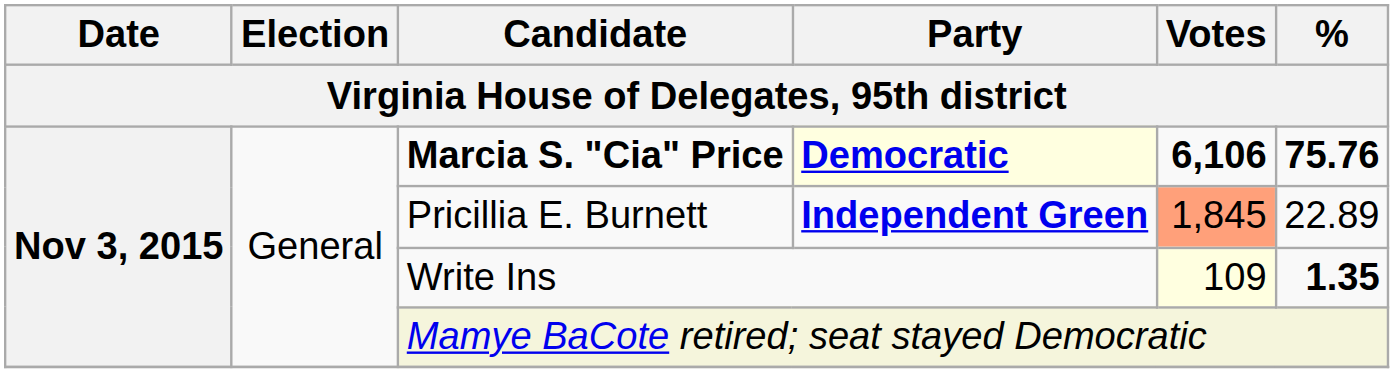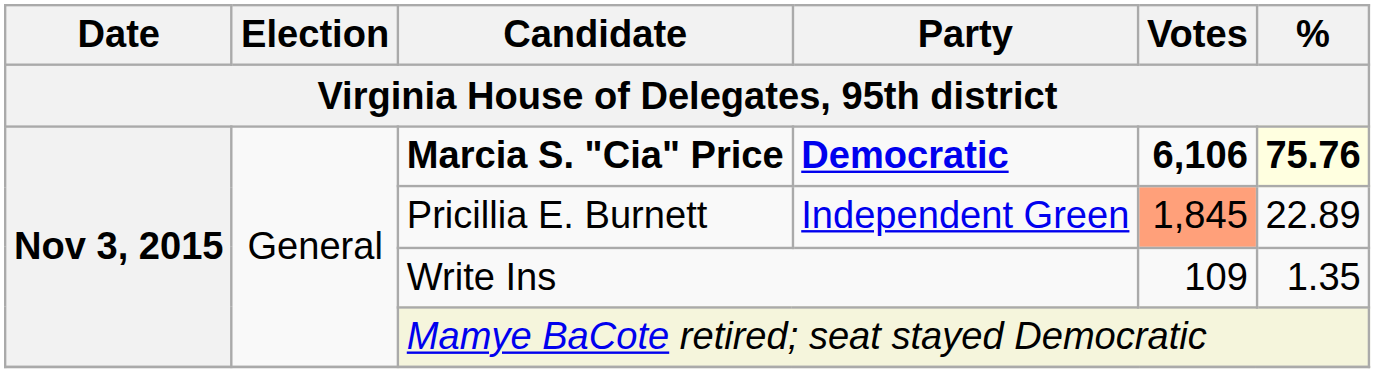 <table class="wikitable">
 <tr>
 <th>Date</th>
 <th>Election</th>
 <th>Candidate</th>
 <th>Party</th>
 <th>Votes</th>
 <th>%</th>
 </tr>
 <tr>
 <th colspan="6">Virginia House of Delegates, 95th district</th>
 </tr>
 <tr>
 <th rowspan="4">Nov 3, 2015</th>
 <td rowspan="4" align="center">General</td>
 <td><strong>Marcia S. "Cia" Price</strong></td>
-<td style="background: lightyellow;"><strong><a href='#'>Democratic</a></strong></td>
+<td><strong><a href='#'>Democratic</a></strong></td>
 <td align="right"><strong>6,106</strong></td>
-<td align="right"><strong>75.76</strong></td>
+<td align="right" style="background: lightyellow;"><strong>75.76</strong></td>
 </tr>
 <tr>
 <td>Pricillia E. Burnett</td>
-<td><strong><a href='#'>Independent Green</a></strong></td>
+<td><a href='#'>Independent Green</a></td>
 <td align="right" style="background: lightsalmon;">1,845</td>
 <td align="right">22.89</td>
 </tr>
 <tr>
 <td colspan="2">Write Ins</td>
-<td align="right" style="background: lightyellow;">109</td>
-<td align="right"><strong>1.35</strong></td>
+<td align="right">109</td>
+<td align="right">1.35</td>
 </tr>
 <tr>
 <td colspan="4" style="background:Beige"><em><a href='#'>Mamye BaCote</a> retired; seat stayed Democratic</em></td>
 </tr>
 <tr>
 </tr>
 </table>
